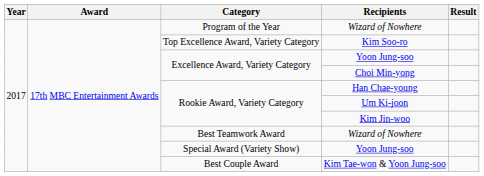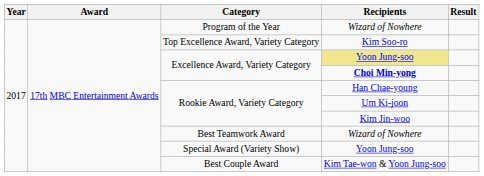 <table class="wikitable" style="text-align:center">
 <tr>
 <th>Year</th>
 <th>Award</th>
 <th>Category</th>
 <th>Recipients</th>
 <th>Result</th>
 </tr>
 <tr>
 <td rowspan=10>2017</td>
 <td rowspan=10><a href='#'>17th</a> <a href='#'>MBC Entertainment Awards</a></td>
 <td>Program of the Year</td>
 <td><em>Wizard of Nowhere</em></td>
 <td></td>
 </tr>
 <tr>
 <td>Top Excellence Award, Variety Category</td>
 <td><a href='#'>Kim Soo-ro</a></td>
 <td></td>
 </tr>
 <tr>
 <td rowspan=2>Excellence Award, Variety Category</td>
-<td><a href='#'>Yoon Jung-soo</a></td>
+<td style="background: khaki;"><a href='#'>Yoon Jung-soo</a></td>
 <td></td>
 </tr>
 <tr>
-<td><a href='#'>Choi Min-yong</a></td>
+<td><strong><a href='#'>Choi Min-yong</a></strong></td>
 <td></td>
 </tr>
 <tr>
 <td rowspan=3>Rookie Award, Variety Category</td>
 <td><a href='#'>Han Chae-young</a></td>
 <td></td>
 </tr>
 <tr>
 <td><a href='#'>Um Ki-joon</a></td>
 <td></td>
 </tr>
 <tr>
 <td><a href='#'>Kim Jin-woo</a></td>
 <td></td>
 </tr>
 <tr>
 <td>Best Teamwork Award</td>
 <td><em>Wizard of Nowhere</em></td>
 <td></td>
 </tr>
 <tr>
 <td>Special Award (Variety Show)</td>
 <td><a href='#'>Yoon Jung-soo</a></td>
 <td></td>
 </tr>
 <tr>
 <td>Best Couple Award</td>
 <td><a href='#'>Kim Tae-won</a> & <a href='#'>Yoon Jung-soo</a></td>
 <td></td>
 </tr>
 </table>
